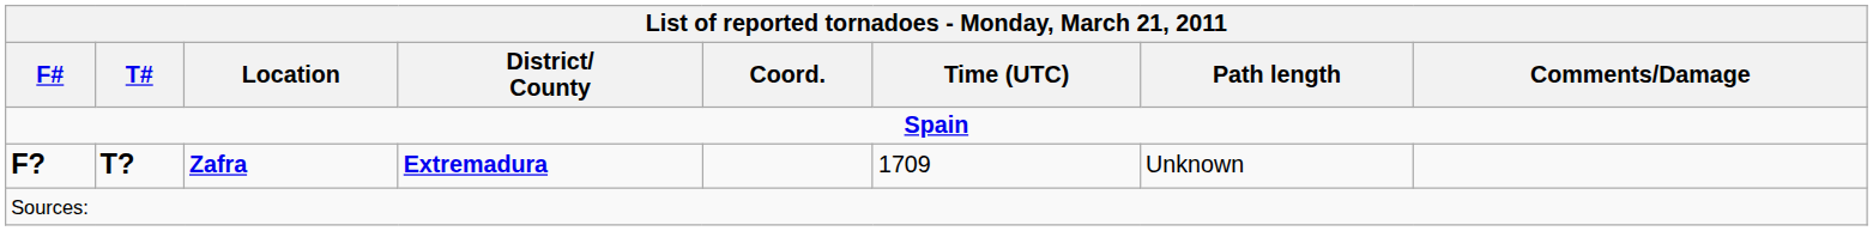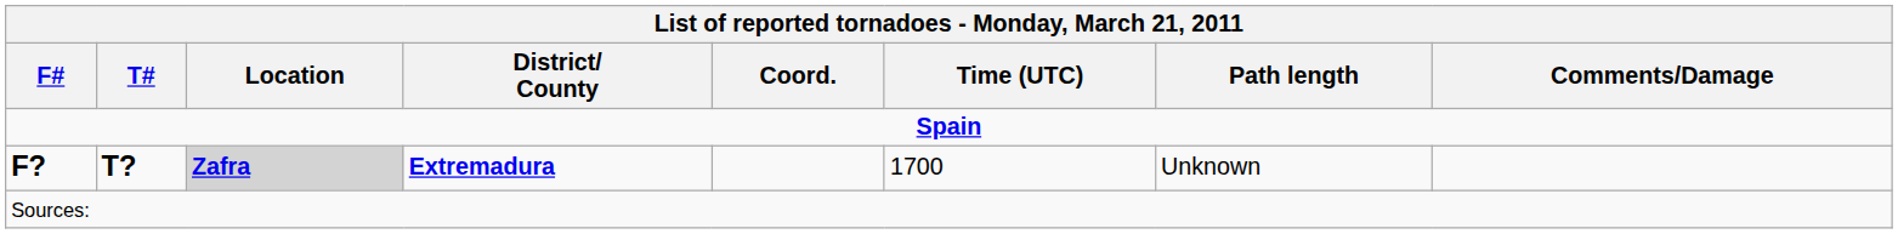 <table class="wikitable collapsible" width="100%">
 <tr>
 <th colspan="8">List of reported tornadoes - Monday, March 21, 2011</th>
 </tr>
 <tr>
 <th><a href='#'>F#</a></th>
 <th><a href='#'>T#</a></th>
 <th>Location</th>
 <th>District/<br>County</th>
 <th>Coord.</th>
 <th>Time (UTC)</th>
 <th>Path length</th>
 <th>Comments/Damage</th>
 </tr>
 <tr>
 <td colspan="8" align=center><strong><a href='#'>Spain</a></strong></td>
 </tr>
 <tr>
 <td><big><strong>F?</strong></big></td>
 <td><big><strong>T?</strong></big></td>
-<td><strong><a href='#'>Zafra</a></strong></td>
+<td style="background: lightgrey;"><strong><a href='#'>Zafra</a></strong></td>
 <td><strong><a href='#'>Extremadura</a></strong></td>
 <td></td>
-<td>1709</td>
+<td>1700</td>
 <td>Unknown</td>
 <td></td>
 </tr>
 <tr>
 <td colspan="8"><small>Sources:  </small></td>
 </tr>
 </table>
